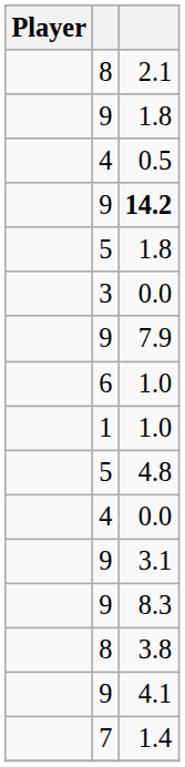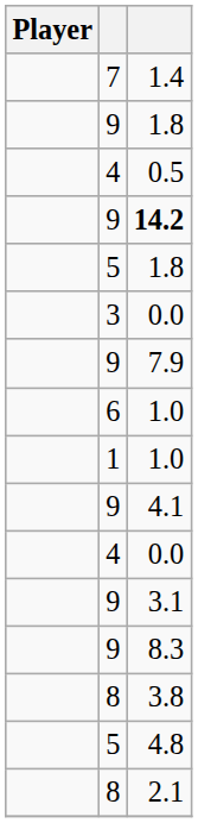 <table class="wikitable sortable" style="font-size:95%; text-align:right;">
 <tr>
 <th>Player</th>
 <th></th>
 <th></th>
 </tr>
 <tr>
 <td><strong></strong></td>
-<td>8</td>
-<td>2.1</td>
+<td>7</td>
+<td>1.4</td>
 </tr>
 <tr>
 <td><strong></strong></td>
 <td>9</td>
 <td>1.8</td>
 </tr>
 <tr>
 <td><strong></strong></td>
 <td>4</td>
 <td>0.5</td>
 </tr>
 <tr>
 <td><strong></strong></td>
 <td>9</td>
 <td><strong>14.2</strong></td>
 </tr>
 <tr>
 <td><strong></strong></td>
 <td>5</td>
 <td>1.8</td>
 </tr>
 <tr>
 <td><strong></strong></td>
 <td>3</td>
 <td>0.0</td>
 </tr>
 <tr>
 <td><strong></strong></td>
 <td>9</td>
 <td>7.9</td>
 </tr>
 <tr>
 <td><strong></strong></td>
 <td>6</td>
 <td>1.0</td>
 </tr>
 <tr>
 <td><strong></strong></td>
 <td>1</td>
 <td>1.0</td>
 </tr>
 <tr>
 <td><strong></strong></td>
-<td>5</td>
-<td>4.8</td>
+<td>9</td>
+<td>4.1</td>
 </tr>
 <tr>
 <td><strong></strong></td>
 <td>4</td>
 <td>0.0</td>
 </tr>
 <tr>
 <td><strong></strong></td>
 <td>9</td>
 <td>3.1</td>
 </tr>
 <tr>
 <td><strong></strong></td>
 <td>9</td>
 <td>8.3</td>
 </tr>
 <tr>
 <td><strong></strong></td>
 <td>8</td>
 <td>3.8</td>
 </tr>
 <tr>
 <td><strong></strong></td>
-<td>9</td>
-<td>4.1</td>
+<td>5</td>
+<td>4.8</td>
 </tr>
 <tr>
 <td><strong></strong></td>
-<td>7</td>
-<td>1.4</td>
+<td>8</td>
+<td>2.1</td>
 </tr>
 <tr>
 </tr>
 </table>
